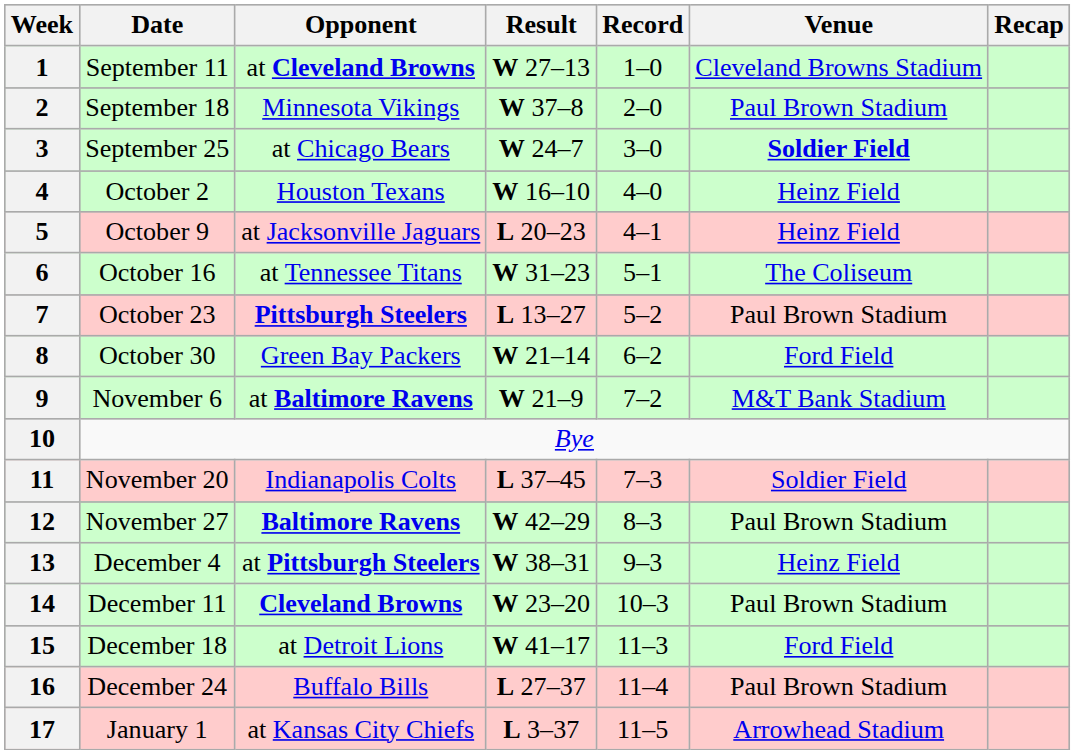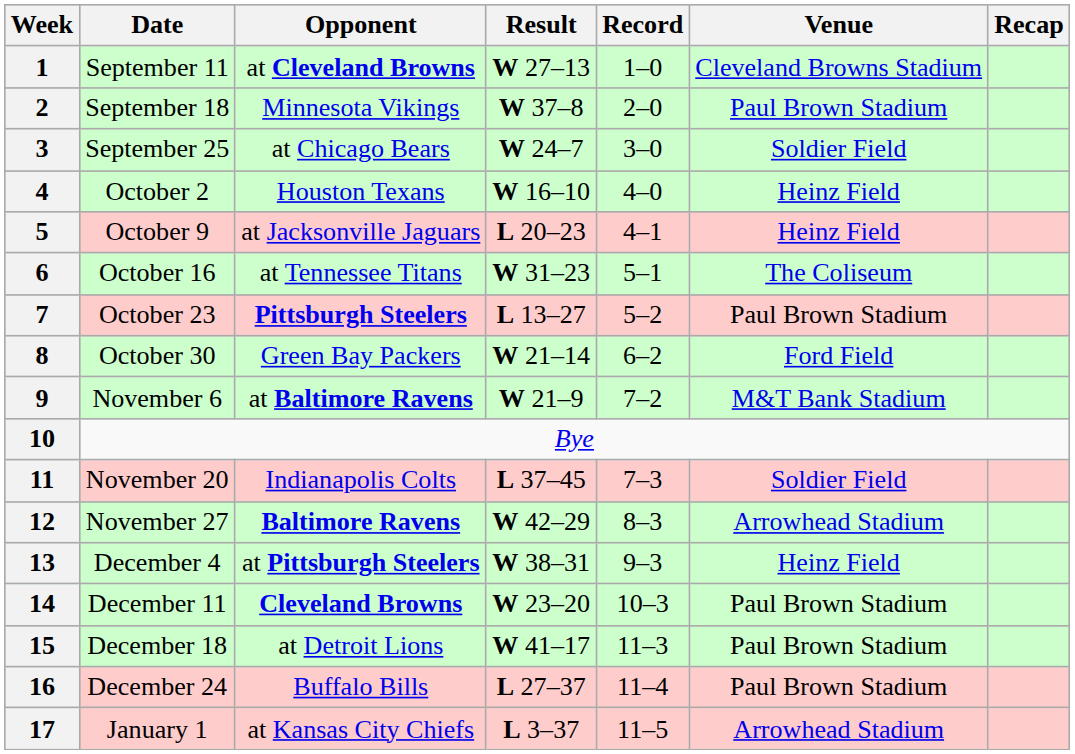 <table class="wikitable" style="text-align:center">
 <tr>
 <th>Week</th>
 <th>Date</th>
 <th>Opponent</th>
 <th>Result</th>
 <th>Record</th>
 <th>Venue</th>
 <th>Recap</th>
 </tr>
 <tr style="background:#cfc">
 <th>1</th>
 <td>September 11</td>
 <td>at <strong><a href='#'>Cleveland Browns</a></strong></td>
 <td><strong>W</strong> 27–13</td>
 <td>1–0</td>
 <td><a href='#'>Cleveland Browns Stadium</a></td>
 <td></td>
 </tr>
 <tr style="background:#cfc">
 <th>2</th>
 <td>September 18</td>
 <td><a href='#'>Minnesota Vikings</a></td>
 <td><strong>W</strong> 37–8</td>
 <td>2–0</td>
 <td><a href='#'>Paul Brown Stadium</a></td>
 <td></td>
 </tr>
 <tr style="background:#cfc">
 <th>3</th>
 <td>September 25</td>
 <td>at  <a href='#'>Chicago Bears</a></td>
 <td><strong>W</strong> 24–7</td>
 <td>3–0</td>
-<td><strong><a href='#'>Soldier Field</a></strong></td>
+<td><a href='#'>Soldier Field</a></td>
 <td></td>
 </tr>
 <tr style="background:#cfc">
 <th>4</th>
 <td>October 2</td>
 <td><a href='#'>Houston Texans</a></td>
 <td><strong>W</strong> 16–10</td>
 <td>4–0</td>
 <td><a href='#'>Heinz Field</a></td>
 <td></td>
 </tr>
 <tr style="background:#fcc">
 <th>5</th>
 <td>October 9</td>
 <td>at <a href='#'>Jacksonville Jaguars</a></td>
 <td><strong>L</strong>  20–23</td>
 <td>4–1</td>
 <td><a href='#'>Heinz Field</a></td>
 <td></td>
 </tr>
 <tr style="background:#cfc">
 <th>6</th>
 <td>October 16</td>
 <td>at <a href='#'>Tennessee Titans</a></td>
 <td><strong>W</strong>  31–23</td>
 <td>5–1</td>
 <td><a href='#'>The Coliseum</a></td>
 <td></td>
 </tr>
 <tr style="background:#fcc">
 <th>7</th>
 <td>October 23</td>
 <td><strong><a href='#'>Pittsburgh Steelers</a></strong></td>
 <td><strong>L</strong>  13–27</td>
 <td>5–2</td>
 <td>Paul Brown Stadium</td>
 <td></td>
 </tr>
 <tr style="background:#cfc">
 <th>8</th>
 <td>October 30</td>
 <td><a href='#'>Green Bay Packers</a></td>
 <td><strong>W</strong>  21–14</td>
 <td>6–2</td>
 <td><a href='#'>Ford Field</a></td>
 <td></td>
 </tr>
 <tr style="background:#cfc">
 <th>9</th>
 <td>November 6</td>
 <td>at <strong><a href='#'>Baltimore Ravens</a></strong></td>
 <td><strong>W</strong>  21–9</td>
 <td>7–2</td>
 <td><a href='#'>M&T Bank Stadium</a></td>
 <td></td>
 </tr>
 <tr style="background:#">
 <th>10</th>
 <td colspan=8><em><a href='#'>Bye</a></em></td>
 </tr>
 <tr style="background:#fcc">
 <th>11</th>
 <td>November 20</td>
 <td><a href='#'>Indianapolis Colts</a></td>
 <td><strong>L</strong>  37–45</td>
 <td>7–3</td>
 <td><a href='#'>Soldier Field</a></td>
 <td></td>
 </tr>
 <tr style="background:#cfc">
 <th>12</th>
 <td>November 27</td>
 <td><strong><a href='#'>Baltimore Ravens</a></strong></td>
 <td><strong>W</strong> 42–29</td>
 <td>8–3</td>
-<td>Paul Brown Stadium</td>
+<td><a href='#'>Arrowhead Stadium</a></td>
 <td></td>
 </tr>
 <tr style="background:#cfc">
 <th>13</th>
 <td>December 4</td>
 <td>at <strong><a href='#'>Pittsburgh Steelers</a></strong></td>
 <td><strong>W</strong> 38–31</td>
 <td>9–3</td>
 <td><a href='#'>Heinz Field</a></td>
 <td></td>
 </tr>
 <tr style="background:#cfc">
 <th>14</th>
 <td>December 11</td>
 <td><strong><a href='#'>Cleveland Browns</a></strong></td>
 <td><strong>W</strong> 23–20</td>
 <td>10–3</td>
 <td>Paul Brown Stadium</td>
 <td></td>
 </tr>
 <tr style="background:#cfc">
 <th>15</th>
 <td>December 18</td>
 <td>at <a href='#'>Detroit Lions</a></td>
 <td><strong>W</strong>  41–17</td>
 <td>11–3</td>
-<td><a href='#'>Ford Field</a></td>
+<td>Paul Brown Stadium</td>
 <td></td>
 </tr>
 <tr style="background:#fcc">
 <th>16</th>
 <td>December 24</td>
 <td><a href='#'>Buffalo Bills</a></td>
 <td><strong>L</strong>  27–37</td>
 <td>11–4</td>
 <td>Paul Brown Stadium</td>
 <td></td>
 </tr>
 <tr style="background:#fcc">
 <th>17</th>
 <td>January 1</td>
 <td>at <a href='#'>Kansas City Chiefs</a></td>
 <td><strong>L</strong> 3–37</td>
 <td>11–5</td>
 <td><a href='#'>Arrowhead Stadium</a></td>
 <td></td>
 </tr>
 </table>
